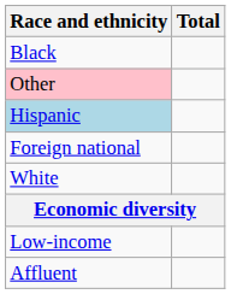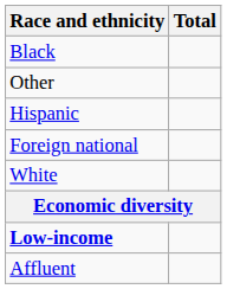 <table class="wikitable floatright sortable collapsible"; text-align:right; font-size:80%;">
 <tr>
 <th>Race and ethnicity</th>
 <th colspan="2" data-sort-type=number>Total</th>
 </tr>
 <tr>
 <td><a href='#'>Black</a></td>
 <td align=right></td>
 </tr>
 <tr>
-<td style="background: pink;">Other</td>
+<td>Other</td>
 <td align=right></td>
 </tr>
 <tr>
-<td style="background: lightblue;"><a href='#'>Hispanic</a></td>
+<td><a href='#'>Hispanic</a></td>
 <td align=right></td>
 </tr>
 <tr>
 <td><a href='#'>Foreign national</a></td>
 <td align=right></td>
 </tr>
 <tr>
 <td><a href='#'>White</a></td>
 <td align=right></td>
 </tr>
 <tr>
 <th colspan="4" data-sort-type=number><a href='#'>Economic diversity</a></th>
 </tr>
 <tr>
-<td><a href='#'>Low-income</a></td>
+<td><strong><a href='#'>Low-income</a></strong></td>
 <td align=right></td>
 </tr>
 <tr>
 <td><a href='#'>Affluent</a></td>
 <td align=right></td>
 </tr>
 </table>
